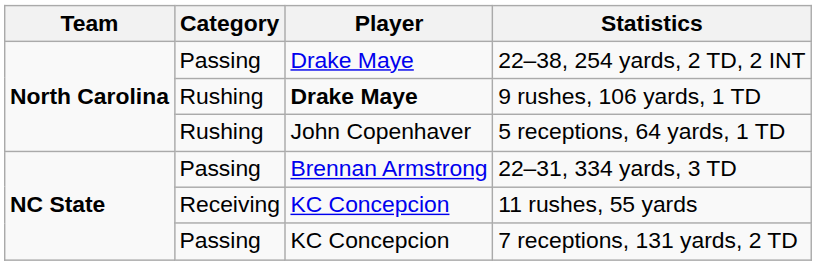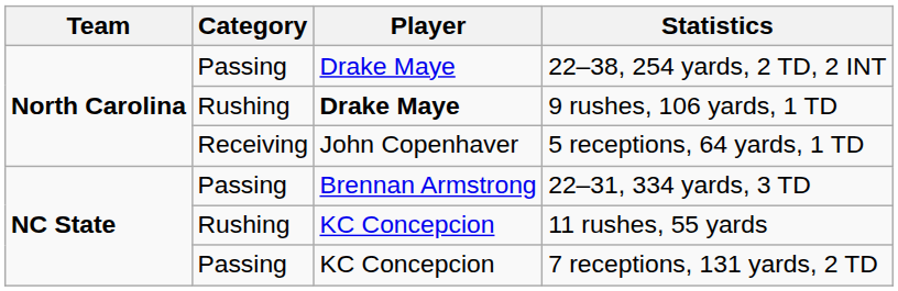 <table class="wikitable" style="float: left;">
 <tr>
 <th>Team</th>
 <th>Category</th>
 <th>Player</th>
 <th>Statistics</th>
 </tr>
 <tr>
 <td rowspan=3><strong>North Carolina</strong></td>
 <td>Passing</td>
 <td><a href='#'>Drake Maye</a></td>
 <td>22–38, 254 yards, 2 TD, 2 INT</td>
 </tr>
 <tr>
 <td>Rushing</td>
 <td><strong>Drake Maye</strong></td>
 <td>9 rushes, 106 yards, 1 TD</td>
 </tr>
 <tr>
-<td>Rushing</td>
+<td>Receiving</td>
 <td>John Copenhaver</td>
 <td>5 receptions, 64 yards, 1 TD</td>
 </tr>
 <tr>
 <td rowspan=3><strong>NC State</strong></td>
 <td>Passing</td>
 <td><a href='#'>Brennan Armstrong</a></td>
 <td>22–31, 334 yards, 3 TD</td>
 </tr>
 <tr>
-<td>Receiving</td>
+<td>Rushing</td>
 <td><a href='#'>KC Concepcion</a></td>
 <td>11 rushes, 55 yards</td>
 </tr>
 <tr>
 <td>Passing</td>
 <td>KC Concepcion</td>
 <td>7 receptions, 131 yards, 2 TD</td>
 </tr>
 </table>
